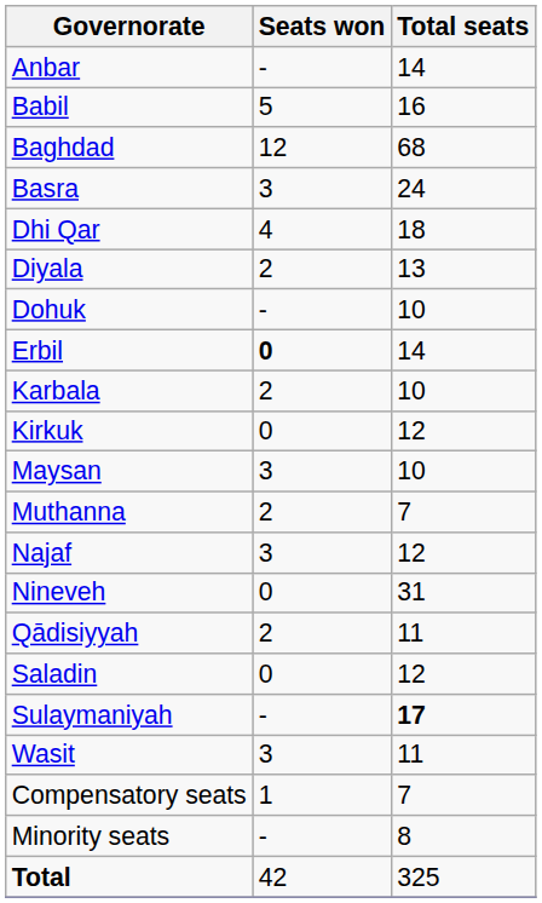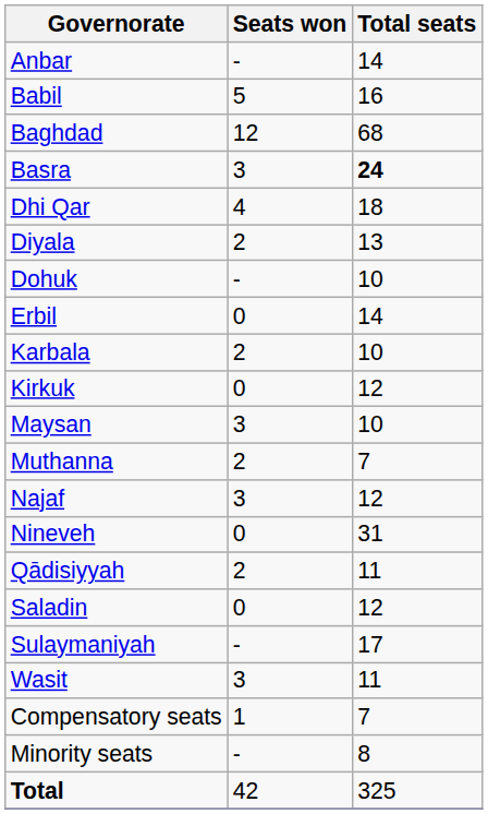 <table class=wikitable style="border:1px solid #8888aa; background-color:#f8f8f8; padding:0px; font-size:90%;">
 <tr>
 <th>Governorate</th>
 <th>Seats won</th>
 <th>Total seats</th>
 </tr>
 <tr>
 <td><a href='#'>Anbar</a></td>
 <td>-</td>
 <td>14</td>
 </tr>
 <tr>
 <td><a href='#'>Babil</a></td>
 <td>5</td>
 <td>16</td>
 </tr>
 <tr>
 <td><a href='#'>Baghdad</a></td>
 <td>12</td>
 <td>68</td>
 </tr>
 <tr>
 <td><a href='#'>Basra</a></td>
 <td>3</td>
-<td>24</td>
+<td><strong>24</strong></td>
 </tr>
 <tr>
 <td><a href='#'>Dhi Qar</a></td>
 <td>4</td>
 <td>18</td>
 </tr>
 <tr>
 <td><a href='#'>Diyala</a></td>
 <td>2</td>
 <td>13</td>
 </tr>
 <tr>
 <td><a href='#'>Dohuk</a></td>
 <td>-</td>
 <td>10</td>
 </tr>
 <tr>
 <td><a href='#'>Erbil</a></td>
-<td><strong>0</strong></td>
+<td>0</td>
 <td>14</td>
 </tr>
 <tr>
 <td><a href='#'>Karbala</a></td>
 <td>2</td>
 <td>10</td>
 </tr>
 <tr>
 <td><a href='#'>Kirkuk</a></td>
 <td>0</td>
 <td>12</td>
 </tr>
 <tr>
 <td><a href='#'>Maysan</a></td>
 <td>3</td>
 <td>10</td>
 </tr>
 <tr>
 <td><a href='#'>Muthanna</a></td>
 <td>2</td>
 <td>7</td>
 </tr>
 <tr>
 <td><a href='#'>Najaf</a></td>
 <td>3</td>
 <td>12</td>
 </tr>
 <tr>
 <td><a href='#'>Nineveh</a></td>
 <td>0</td>
 <td>31</td>
 </tr>
 <tr>
 <td><a href='#'>Qādisiyyah</a></td>
 <td>2</td>
 <td>11</td>
 </tr>
 <tr>
 <td><a href='#'>Saladin</a></td>
 <td>0</td>
 <td>12</td>
 </tr>
 <tr>
 <td><a href='#'>Sulaymaniyah</a></td>
 <td>-</td>
-<td><strong>17</strong></td>
+<td>17</td>
 </tr>
 <tr>
 <td><a href='#'>Wasit</a></td>
 <td>3</td>
 <td>11</td>
 </tr>
 <tr>
 <td>Compensatory seats</td>
 <td>1</td>
 <td>7</td>
 </tr>
 <tr>
 <td>Minority seats</td>
 <td>-</td>
 <td>8</td>
 </tr>
 <tr>
 <td><strong>Total</strong></td>
 <td>42</td>
 <td>325</td>
 </tr>
 <tr>
 </tr>
 </table>
